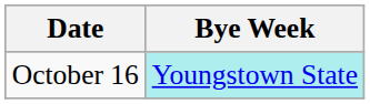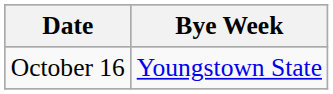 <table class="wikitable" style="font-size:95%;">
 <tr>
 <th>Date</th>
 <th>Bye Week</th>
 </tr>
 <tr>
 <td>October 16</td>
-<td style="background: paleturquoise;"><a href='#'>Youngstown State</a></td>
+<td><a href='#'>Youngstown State</a></td>
 </tr>
 </table>
